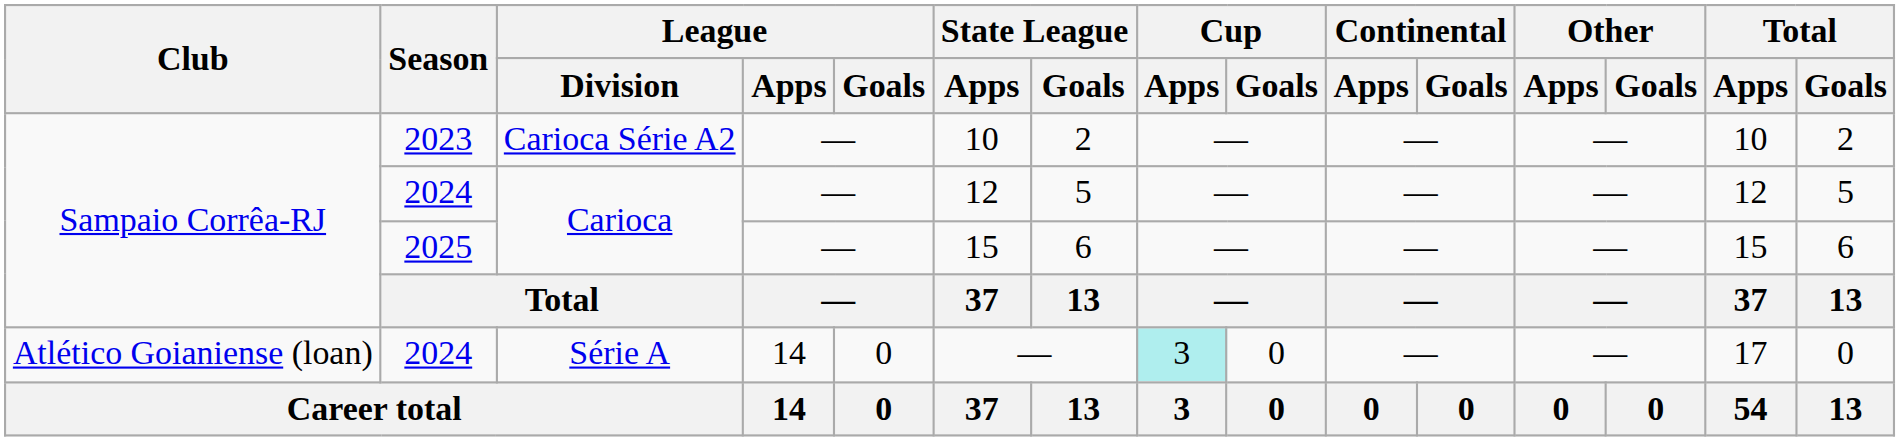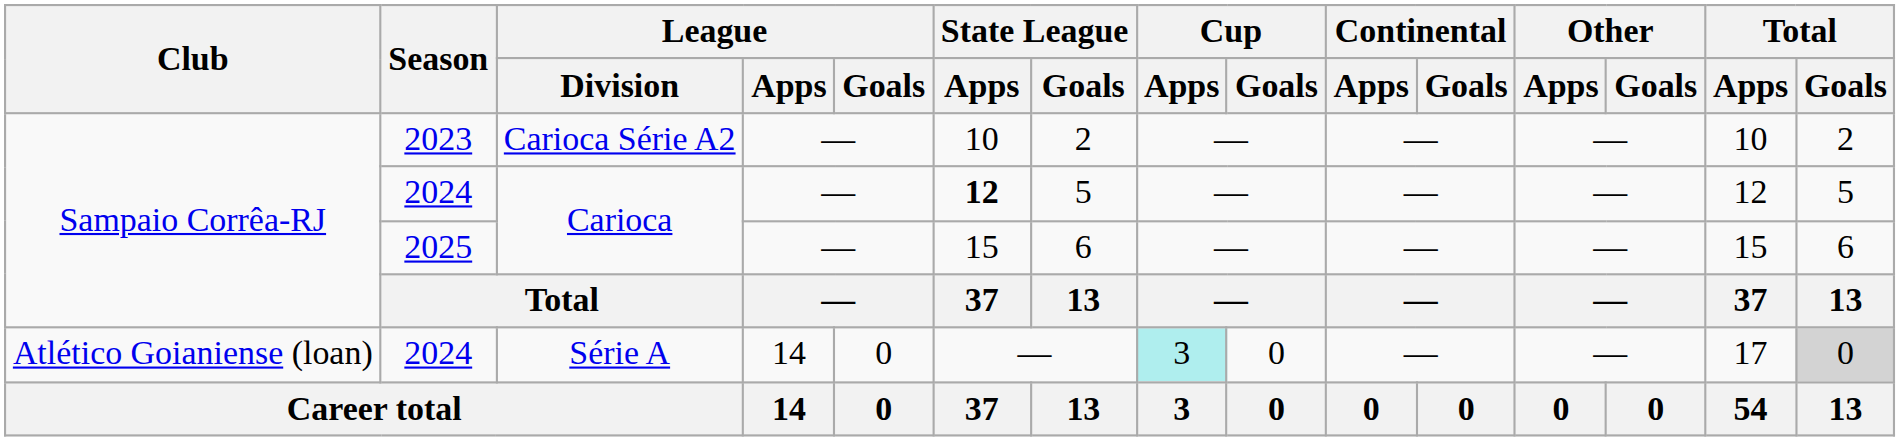 <table class="wikitable" style="text-align: center;">
 <tr>
 <th rowspan="2">Club</th>
 <th rowspan="2">Season</th>
 <th colspan="3">League</th>
 <th colspan="2">State League</th>
 <th colspan="2">Cup</th>
 <th colspan="2">Continental</th>
 <th colspan="2">Other</th>
 <th colspan="2">Total</th>
 </tr>
 <tr>
 <th>Division</th>
 <th>Apps</th>
 <th>Goals</th>
 <th>Apps</th>
 <th>Goals</th>
 <th>Apps</th>
 <th>Goals</th>
 <th>Apps</th>
 <th>Goals</th>
 <th>Apps</th>
 <th>Goals</th>
 <th>Apps</th>
 <th>Goals</th>
 </tr>
 <tr>
 <td rowspan="4"><a href='#'>Sampaio Corrêa-RJ</a></td>
 <td><a href='#'>2023</a></td>
 <td><a href='#'>Carioca Série A2</a></td>
 <td colspan="2">—</td>
 <td>10</td>
 <td>2</td>
 <td colspan="2">—</td>
 <td colspan="2">—</td>
 <td colspan="2">—</td>
 <td>10</td>
 <td>2</td>
 </tr>
 <tr>
 <td><a href='#'>2024</a></td>
 <td rowspan="2"><a href='#'>Carioca</a></td>
 <td colspan="2">—</td>
-<td>12</td>
+<td><strong>12</strong></td>
 <td>5</td>
 <td colspan="2">—</td>
 <td colspan="2">—</td>
 <td colspan="2">—</td>
 <td>12</td>
 <td>5</td>
 </tr>
 <tr>
 <td><a href='#'>2025</a></td>
 <td colspan="2">—</td>
 <td>15</td>
 <td>6</td>
 <td colspan="2">—</td>
 <td colspan="2">—</td>
 <td colspan="2">—</td>
 <td>15</td>
 <td>6</td>
 </tr>
 <tr>
 <th colspan="2">Total</th>
 <th colspan="2">—</th>
 <th>37</th>
 <th>13</th>
 <th colspan="2">—</th>
 <th colspan="2">—</th>
 <th colspan="2">—</th>
 <th>37</th>
 <th>13</th>
 </tr>
 <tr>
 <td><a href='#'>Atlético Goianiense</a> (loan)</td>
 <td><a href='#'>2024</a></td>
 <td><a href='#'>Série A</a></td>
 <td>14</td>
 <td>0</td>
 <td colspan="2">—</td>
 <td style="background: paleturquoise;">3</td>
 <td>0</td>
 <td colspan="2">—</td>
 <td colspan="2">—</td>
 <td>17</td>
-<td>0</td>
+<td style="background: lightgrey;">0</td>
 </tr>
 <tr>
 <th colspan="3"><strong>Career total</strong></th>
 <th>14</th>
 <th>0</th>
 <th>37</th>
 <th>13</th>
 <th>3</th>
 <th>0</th>
 <th>0</th>
 <th>0</th>
 <th>0</th>
 <th>0</th>
 <th>54</th>
 <th>13</th>
 </tr>
 </table>
